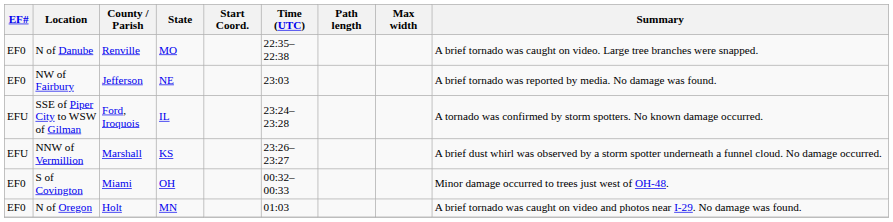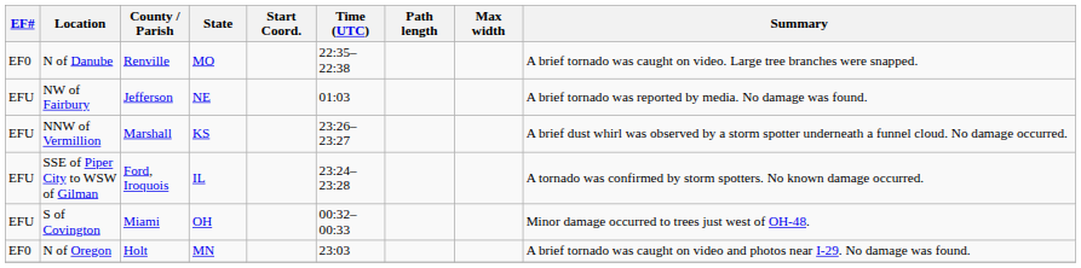 <table class="wikitable sortable" style="width:100%;">
 <tr>
 <th scope="col"  style="width:3%; text-align:center;"><a href='#'>EF#</a></th>
 <th scope="col"  style="width:7%; text-align:center;" class="unsortable">Location</th>
 <th scope="col"  style="width:6%; text-align:center;" class="unsortable">County / Parish</th>
 <th scope="col"  style="width:5%; text-align:center;">State</th>
 <th scope="col"  style="width:6%; text-align:center;">Start Coord.</th>
 <th scope="col"  style="width:6%; text-align:center;">Time (<a href='#'>UTC</a>)</th>
 <th scope="col"  style="width:6%; text-align:center;">Path length</th>
 <th scope="col"  style="width:6%; text-align:center;">Max width</th>
 <th scope="col" class="unsortable" style="width:48%; text-align:center;">Summary</th>
 </tr>
 <tr>
 <td>EF0</td>
 <td>N of <a href='#'>Danube</a></td>
 <td><a href='#'>Renville</a></td>
 <td><a href='#'>MO</a></td>
 <td></td>
 <td>22:35–22:38</td>
 <td></td>
 <td></td>
 <td>A brief tornado was caught on video. Large tree branches were snapped.</td>
 </tr>
 <tr>
-<td>EF0</td>
+<td>EFU</td>
 <td>NW of <a href='#'>Fairbury</a></td>
 <td><a href='#'>Jefferson</a></td>
 <td><a href='#'>NE</a></td>
 <td></td>
-<td>23:03</td>
+<td>01:03</td>
 <td></td>
 <td></td>
 <td>A brief tornado was reported by media. No damage was found.</td>
+</tr>
+<tr>
+<td>EFU</td>
+<td>NNW of <a href='#'>Vermillion</a></td>
+<td><a href='#'>Marshall</a></td>
+<td><a href='#'>KS</a></td>
+<td></td>
+<td>23:26–23:27</td>
+<td></td>
+<td></td>
+<td>A brief dust whirl was observed by a storm spotter underneath a funnel cloud. No damage occurred.</td>
 </tr>
 <tr>
 <td>EFU</td>
 <td>SSE of <a href='#'>Piper City</a> to WSW of <a href='#'>Gilman</a></td>
 <td><a href='#'>Ford</a>, <a href='#'>Iroquois</a></td>
 <td><a href='#'>IL</a></td>
 <td></td>
 <td>23:24–23:28</td>
 <td></td>
 <td></td>
 <td>A tornado was confirmed by storm spotters. No known damage occurred.</td>
 </tr>
 <tr>
 <td>EFU</td>
-<td>NNW of <a href='#'>Vermillion</a></td>
-<td><a href='#'>Marshall</a></td>
-<td><a href='#'>KS</a></td>
-<td></td>
-<td>23:26–23:27</td>
-<td></td>
-<td></td>
-<td>A brief dust whirl was observed by a storm spotter underneath a funnel cloud. No damage occurred.</td>
-</tr>
-<tr>
-<td>EF0</td>
 <td>S of <a href='#'>Covington</a></td>
 <td><a href='#'>Miami</a></td>
 <td><a href='#'>OH</a></td>
 <td></td>
 <td>00:32–00:33</td>
 <td></td>
 <td></td>
 <td>Minor damage occurred to trees just west of <a href='#'>OH-48</a>.</td>
 </tr>
 <tr>
 <td>EF0</td>
 <td>N of <a href='#'>Oregon</a></td>
 <td><a href='#'>Holt</a></td>
 <td><a href='#'>MN</a></td>
 <td></td>
-<td>01:03</td>
+<td>23:03</td>
 <td></td>
 <td></td>
 <td>A brief tornado was caught on video and photos near <a href='#'>I-29</a>. No damage was found.</td>
 </tr>
 <tr>
 </tr>
 </table>
